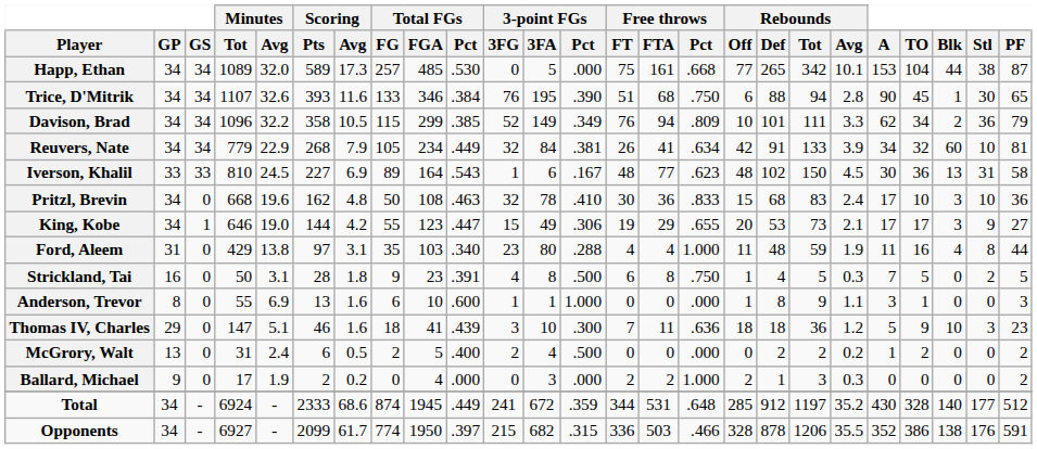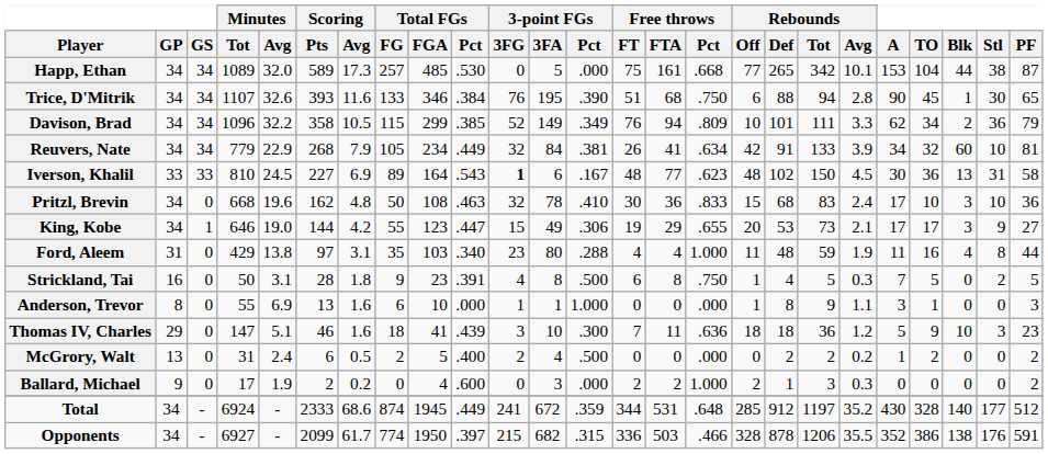 <table class="wikitable sortable" border="1" style="font-size:70%;">
 <tr>
 <th colspan="3" style="border-top-style:hidden; border-left-style:hidden; background: white;"></th>
 <th colspan="2" style=>Minutes</th>
 <th colspan="2" style=>Scoring</th>
 <th colspan="3" style=>Total FGs</th>
 <th colspan="3" style=>3-point FGs</th>
 <th colspan="3" style=>Free throws</th>
 <th colspan="4" style=>Rebounds</th>
 <th colspan="5" style="border-top-style:hidden; border-right-style:hidden; background: white;"></th>
 </tr>
 <tr>
 <th scope="col" style=>Player</th>
 <th scope="col" style=>GP</th>
 <th scope="col" style=>GS</th>
 <th scope="col" style=>Tot</th>
 <th scope="col" style=>Avg</th>
 <th scope="col" style=>Pts</th>
 <th scope="col" style=>Avg</th>
 <th scope="col" style=>FG</th>
 <th scope="col" style=>FGA</th>
 <th scope="col" style=>Pct</th>
 <th scope="col" style=>3FG</th>
 <th scope="col" style=>3FA</th>
 <th scope="col" style=>Pct</th>
 <th scope="col" style=>FT</th>
 <th scope="col" style=>FTA</th>
 <th scope="col" style=>Pct</th>
 <th scope="col" style=>Off</th>
 <th scope="col" style=>Def</th>
 <th scope="col" style=>Tot</th>
 <th scope="col" style=>Avg</th>
 <th scope="col" style=>A</th>
 <th scope="col" style=>TO</th>
 <th scope="col" style=>Blk</th>
 <th scope="col" style=>Stl</th>
 <th scope="col" style=>PF</th>
 </tr>
 <tr>
 <th style=white-space:nowrap>Happ, Ethan</th>
 <td align="right" style=>34</td>
 <td align="right" style=>34</td>
 <td align="right">1089</td>
 <td align="right">32.0</td>
 <td align="right" style=>589</td>
 <td align="right" style=>17.3</td>
 <td align="right" style=>257</td>
 <td align="right" style=>485</td>
 <td align="right">.530</td>
 <td align="right">0</td>
 <td align="right">5</td>
 <td align="right">.000</td>
 <td align="right">75</td>
 <td align="right" style=>161</td>
 <td align="center">.668</td>
 <td align="right" style=>77</td>
 <td align="right" style=>265</td>
 <td align="right" style=>342</td>
 <td align="right" style=>10.1</td>
 <td align="right" style=>153</td>
 <td align="right" style=>104</td>
 <td align="right">44</td>
 <td align="right" style=>38</td>
 <td align="right" style=>87</td>
 </tr>
 <tr>
 <th style=white-space:nowrap>Trice, D'Mitrik</th>
 <td align="right" style=>34</td>
 <td align="right" style=>34</td>
 <td align="right" style=>1107</td>
 <td align="right" style=>32.6</td>
 <td align="right">393</td>
 <td align="right">11.6</td>
 <td align="right">133</td>
 <td align="right">346</td>
 <td align="right">.384</td>
 <td align="right" style=>76</td>
 <td align="right" style=>195</td>
 <td align="right">.390</td>
 <td align="right">51</td>
 <td align="right">68</td>
 <td align="right">.750</td>
 <td align="right">6</td>
 <td align="right">88</td>
 <td align="right">94</td>
 <td align="right">2.8</td>
 <td align="right">90</td>
 <td align="right">45</td>
 <td align="right">1</td>
 <td align="right">30</td>
 <td align="right">65</td>
 </tr>
 <tr>
 <th style=white-space:nowrap>Davison, Brad</th>
 <td align="right" style=>34</td>
 <td align="right" style=>34</td>
 <td align="right">1096</td>
 <td align="right">32.2</td>
 <td align="right">358</td>
 <td align="right">10.5</td>
 <td align="right">115</td>
 <td align="right">299</td>
 <td align="right">.385</td>
 <td align="right">52</td>
 <td align="right">149</td>
 <td align="right">.349</td>
 <td align="right" style=>76</td>
 <td align="right">94</td>
 <td align="right">.809</td>
 <td align="right">10</td>
 <td align="right">101</td>
 <td align="right">111</td>
 <td align="right">3.3</td>
 <td align="right">62</td>
 <td align="right">34</td>
 <td align="right">2</td>
 <td align="right">36</td>
 <td align="right">79</td>
 </tr>
 <tr>
 <th style=white-space:nowrap>Reuvers, Nate</th>
 <td align="right" style=>34</td>
 <td align="right" style=>34</td>
 <td align="right">779</td>
 <td align="right">22.9</td>
 <td align="right">268</td>
 <td align="right">7.9</td>
 <td align="right">105</td>
 <td align="right">234</td>
 <td align="right">.449</td>
 <td align="right">32</td>
 <td align="right">84</td>
 <td align="right">.381</td>
 <td align="right">26</td>
 <td align="right">41</td>
 <td align="right">.634</td>
 <td align="right">42</td>
 <td align="right">91</td>
 <td align="right">133</td>
 <td align="right">3.9</td>
 <td align="right">34</td>
 <td align="right">32</td>
 <td align="right">60</td>
 <td align="right">10</td>
 <td align="right">81</td>
 </tr>
 <tr>
 <th style=white-space:nowrap>Iverson, Khalil</th>
 <td align="right">33</td>
 <td align="right">33</td>
 <td align="right">810</td>
 <td align="right">24.5</td>
 <td align="right">227</td>
 <td align="right">6.9</td>
 <td align="right">89</td>
 <td align="right">164</td>
 <td align="right" style=>.543</td>
-<td align="right">1</td>
+<td align="right"><strong>1</strong></td>
 <td align="right">6</td>
 <td align="right">.167</td>
 <td align="right">48</td>
 <td align="right">77</td>
 <td align="right">.623</td>
 <td align="right">48</td>
 <td align="right">102</td>
 <td align="right">150</td>
 <td align="right">4.5</td>
 <td align="right">30</td>
 <td align="right">36</td>
 <td align="right">13</td>
 <td align="right">31</td>
 <td align="right">58</td>
 </tr>
 <tr>
 <th style=white-space:nowrap>Pritzl, Brevin</th>
 <td align="right" style=>34</td>
 <td align="right">0</td>
 <td align="right">668</td>
 <td align="right">19.6</td>
 <td align="right">162</td>
 <td align="right">4.8</td>
 <td align="right">50</td>
 <td align="right">108</td>
 <td align="right">.463</td>
 <td align="right">32</td>
 <td align="right">78</td>
 <td align="right" style=>.410</td>
 <td align="right">30</td>
 <td align="right">36</td>
 <td align="right" style=>.833</td>
 <td align="right">15</td>
 <td align="right">68</td>
 <td align="right">83</td>
 <td align="right">2.4</td>
 <td align="right">17</td>
 <td align="right">10</td>
 <td align="right">3</td>
 <td align="right">10</td>
 <td align="right">36</td>
 </tr>
 <tr>
 <th style=white-space:nowrap>King, Kobe</th>
 <td align="right" style=>34</td>
 <td align="right">1</td>
 <td align="right">646</td>
 <td align="right">19.0</td>
 <td align="right">144</td>
 <td align="right">4.2</td>
 <td align="right">55</td>
 <td align="right">123</td>
 <td align="right">.447</td>
 <td align="right">15</td>
 <td align="right">49</td>
 <td align="right">.306</td>
 <td align="right">19</td>
 <td align="right">29</td>
 <td align="right">.655</td>
 <td align="right">20</td>
 <td align="right">53</td>
 <td align="right">73</td>
 <td align="right">2.1</td>
 <td align="right">17</td>
 <td align="right">17</td>
 <td align="right">3</td>
 <td align="right">9</td>
 <td align="right">27</td>
 </tr>
 <tr>
 <th style=white-space:nowrap>Ford, Aleem</th>
 <td align="right">31</td>
 <td align="right">0</td>
 <td align="right">429</td>
 <td align="right">13.8</td>
 <td align="right">97</td>
 <td align="right">3.1</td>
 <td align="right">35</td>
 <td align="right">103</td>
 <td align="right">.340</td>
 <td align="right">23</td>
 <td align="right">80</td>
 <td align="right">.288</td>
 <td align="right">4</td>
 <td align="right">4</td>
 <td align="right">1.000</td>
 <td align="right">11</td>
 <td align="right">48</td>
 <td align="right">59</td>
 <td align="right">1.9</td>
 <td align="right">11</td>
 <td align="right">16</td>
 <td align="right">4</td>
 <td align="right">8</td>
 <td align="right">44</td>
 </tr>
 <tr>
 <th style=white-space:nowrap>Strickland, Tai</th>
 <td align="right">16</td>
 <td align="right">0</td>
 <td align="right">50</td>
 <td align="right">3.1</td>
 <td align="right">28</td>
 <td align="right">1.8</td>
 <td align="right">9</td>
 <td align="right">23</td>
 <td align="right">.391</td>
 <td align="right">4</td>
 <td align="right">8</td>
 <td align="right">.500</td>
 <td align="right">6</td>
 <td align="right">8</td>
 <td align="right">.750</td>
 <td align="right">1</td>
 <td align="right">4</td>
 <td align="right">5</td>
 <td align="right">0.3</td>
 <td align="right">7</td>
 <td align="right">5</td>
 <td align="right">0</td>
 <td align="right">2</td>
 <td align="right">5</td>
 </tr>
 <tr>
 <th style=white-space:nowrap>Anderson, Trevor</th>
 <td align="right">8</td>
 <td align="right">0</td>
 <td align="right">55</td>
 <td align="right">6.9</td>
 <td align="right">13</td>
 <td align="right">1.6</td>
 <td align="right">6</td>
 <td align="right">10</td>
-<td align="right">.600</td>
+<td align="right">.000</td>
 <td align="right">1</td>
 <td align="right">1</td>
 <td align="right">1.000</td>
 <td align="right">0</td>
 <td align="right">0</td>
 <td align="right">.000</td>
 <td align="right">1</td>
 <td align="right">8</td>
 <td align="right">9</td>
 <td align="right">1.1</td>
 <td align="right">3</td>
 <td align="right">1</td>
 <td align="right">0</td>
 <td align="right">0</td>
 <td align="right">3</td>
 </tr>
 <tr>
 <th style="white-space:nowrap">Thomas IV, Charles</th>
 <td align="right">29</td>
 <td align="right">0</td>
 <td align="right">147</td>
 <td align="right">5.1</td>
 <td align="right">46</td>
 <td align="right">1.6</td>
 <td align="right">18</td>
 <td align="right">41</td>
 <td align="right">.439</td>
 <td align="right">3</td>
 <td align="right">10</td>
 <td align="right">.300</td>
 <td align="right">7</td>
 <td align="right">11</td>
 <td align="right">.636</td>
 <td align="right">18</td>
 <td align="right">18</td>
 <td align="right">36</td>
 <td align="right">1.2</td>
 <td align="right">5</td>
 <td align="right">9</td>
 <td align="right">10</td>
 <td align="right">3</td>
 <td align="right">23</td>
 </tr>
 <tr>
 <th style="white-space:nowrap">McGrory, Walt</th>
 <td align="right">13</td>
 <td align="right">0</td>
 <td align="right">31</td>
 <td align="right">2.4</td>
 <td align="right">6</td>
 <td align="right">0.5</td>
 <td align="right">2</td>
 <td align="right">5</td>
 <td align="right">.400</td>
 <td align="right">2</td>
 <td align="right">4</td>
 <td align="right">.500</td>
 <td align="right">0</td>
 <td align="right">0</td>
 <td align="right">.000</td>
 <td align="right">0</td>
 <td align="right">2</td>
 <td align="right">2</td>
 <td align="right">0.2</td>
 <td align="right">1</td>
 <td align="right">2</td>
 <td align="right">0</td>
 <td align="right">0</td>
 <td align="right">2</td>
 </tr>
 <tr>
 <th style="white-space:nowrap">Ballard, Michael</th>
 <td align="right">9</td>
 <td align="right">0</td>
 <td align="right">17</td>
 <td align="right">1.9</td>
 <td align="right">2</td>
 <td align="right">0.2</td>
 <td align="right">0</td>
 <td align="right">4</td>
-<td align="right">.000</td>
+<td align="right">.600</td>
 <td align="right">0</td>
 <td align="right">3</td>
 <td align="right">.000</td>
 <td align="right">2</td>
 <td align="right">2</td>
 <td align="right">1.000</td>
 <td align="right">2</td>
 <td align="right">1</td>
 <td align="right">3</td>
 <td align="right">0.3</td>
 <td align="right">0</td>
 <td align="right">0</td>
 <td align="right">0</td>
 <td align="right">0</td>
 <td align="right">2</td>
 </tr>
 <tr>
 </tr>
 <tr class="sortbottom">
 <td align="center" style=><strong>Total</strong></td>
 <td align="center" style=>34</td>
 <td align="center" style=>-</td>
 <td align="center" style=>6924</td>
 <td align="center" style=>-</td>
 <td align="center" style=>2333</td>
 <td align="center" style=>68.6</td>
 <td align="center" style=>874</td>
 <td align="center" style=>1945</td>
 <td align="center" style=>.449</td>
 <td align="center" style=>241</td>
 <td align="center" style=>672</td>
 <td align="center" style=>.359</td>
 <td align="center" style=>344</td>
 <td align="center" style=>531</td>
 <td align="center" style=>.648</td>
 <td align="center" style=>285</td>
 <td align="center" style=>912</td>
 <td align="center" style=>1197</td>
 <td align="center" style=>35.2</td>
 <td align="center" style=>430</td>
 <td align="center">328</td>
 <td align="center">140</td>
 <td align="center">177</td>
 <td align="center" style=>512</td>
 </tr>
 <tr class="sortbottom">
 <td align="center"><strong>Opponents</strong></td>
 <td align="center">34</td>
 <td align="center">-</td>
 <td align="center">6927</td>
 <td align="center">-</td>
 <td align="center">2099</td>
 <td align="center">61.7</td>
 <td align="center">774</td>
 <td align="center">1950</td>
 <td align="center">.397</td>
 <td align="center">215</td>
 <td align="center">682</td>
 <td align="center">.315</td>
 <td align="center">336</td>
 <td align="center">503</td>
 <td align="right">.466</td>
 <td align="center">328</td>
 <td align="center">878</td>
 <td align="center">1206</td>
 <td align="center">35.5</td>
 <td align="center">352</td>
 <td align="center">386</td>
 <td align="center">138</td>
 <td align="center">176</td>
 <td align="center">591</td>
 </tr>
 </table>
